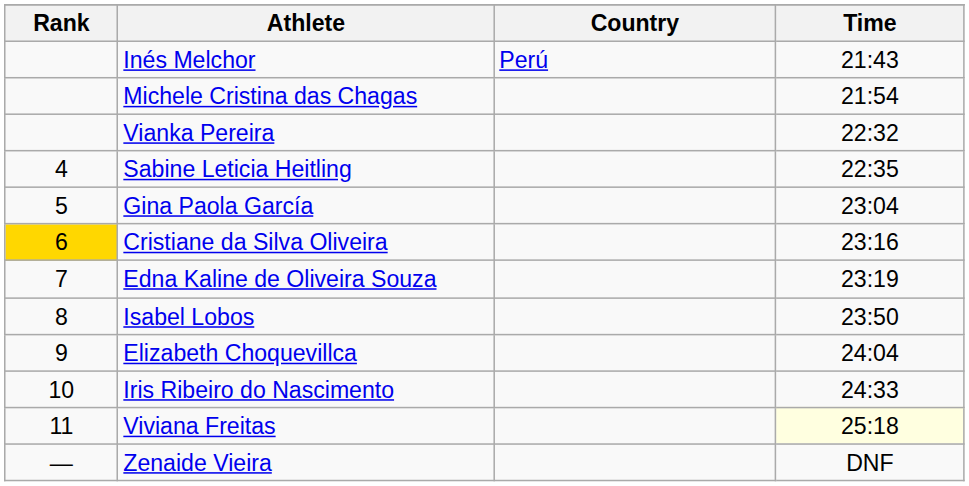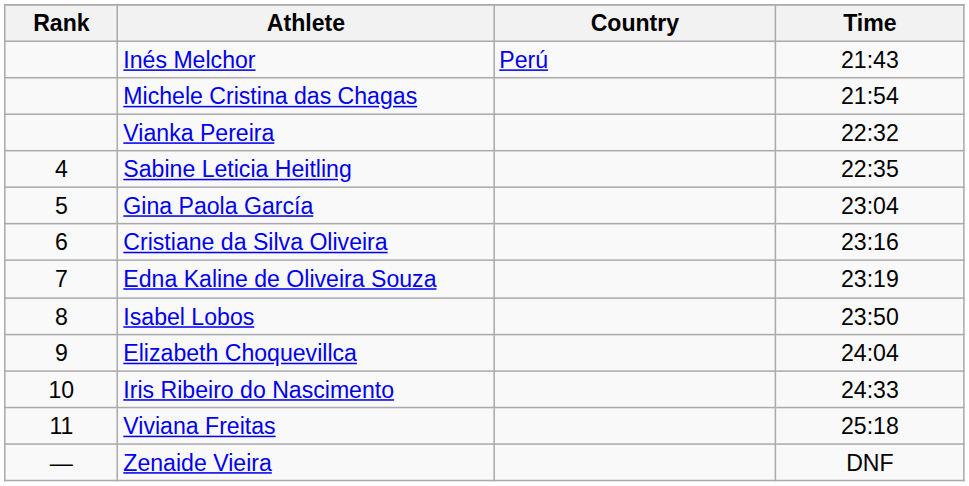 <table class="wikitable sortable" style=" text-align:center; font-size:95%;" width="50%">
 <tr>
 </tr>
 <tr>
 <th width=5%>Rank</th>
 <th width=20%>Athlete</th>
 <th width=15%>Country</th>
 <th width=10%>Time</th>
 </tr>
 <tr>
 <td align=center></td>
 <td align=left><a href='#'>Inés Melchor</a></td>
 <td align=left> <a href='#'>Perú</a></td>
 <td>21:43</td>
 </tr>
 <tr>
 <td align=center></td>
 <td align=left><a href='#'>Michele Cristina das Chagas</a></td>
 <td align=left></td>
 <td>21:54</td>
 </tr>
 <tr>
 <td align=center></td>
 <td align=left><a href='#'>Vianka Pereira</a></td>
 <td align=left></td>
 <td>22:32</td>
 </tr>
 <tr>
 <td align=center>4</td>
 <td align=left><a href='#'>Sabine Leticia Heitling</a></td>
 <td align=left></td>
 <td>22:35</td>
 </tr>
 <tr>
 <td align=center>5</td>
 <td align=left><a href='#'>Gina Paola García</a></td>
 <td align=left></td>
 <td>23:04</td>
 </tr>
 <tr>
-<td align=center style="background: gold;">6</td>
+<td align=center>6</td>
 <td align=left><a href='#'>Cristiane da Silva Oliveira</a></td>
 <td align=left></td>
 <td>23:16</td>
 </tr>
 <tr>
 <td align=center>7</td>
 <td align=left><a href='#'>Edna Kaline de Oliveira Souza</a></td>
 <td align=left></td>
 <td>23:19</td>
 </tr>
 <tr>
 <td align=center>8</td>
 <td align=left><a href='#'>Isabel Lobos</a></td>
 <td align=left></td>
 <td>23:50</td>
 </tr>
 <tr>
 <td align=center>9</td>
 <td align=left><a href='#'>Elizabeth Choquevillca</a></td>
 <td align=left></td>
 <td>24:04</td>
 </tr>
 <tr>
 <td align=center>10</td>
 <td align=left><a href='#'>Iris Ribeiro do Nascimento</a></td>
 <td align=left></td>
 <td>24:33</td>
 </tr>
 <tr>
 <td align=center>11</td>
 <td align=left><a href='#'>Viviana Freitas</a></td>
 <td align=left></td>
-<td style="background: lightyellow;">25:18</td>
+<td>25:18</td>
 </tr>
 <tr>
 <td align=center>—</td>
 <td align=left><a href='#'>Zenaide Vieira</a></td>
 <td align=left></td>
 <td>DNF</td>
 </tr>
 </table>
